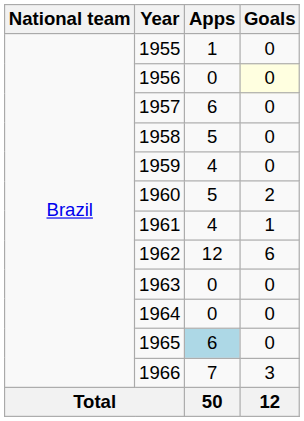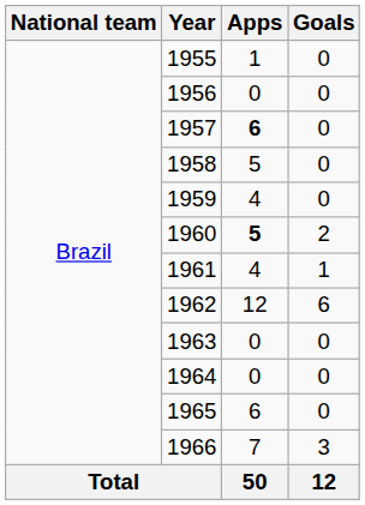 <table class="wikitable" style="text-align:center">
 <tr>
 <th>National team</th>
 <th>Year</th>
 <th>Apps</th>
 <th>Goals</th>
 </tr>
 <tr>
 <td rowspan="12"><a href='#'>Brazil</a></td>
 <td>1955</td>
 <td>1</td>
 <td>0</td>
 </tr>
 <tr>
 <td>1956</td>
 <td>0</td>
-<td style="background: lightyellow;">0</td>
+<td>0</td>
 </tr>
 <tr>
 <td>1957</td>
-<td>6</td>
+<td><strong>6</strong></td>
 <td>0</td>
 </tr>
 <tr>
 <td>1958</td>
 <td>5</td>
 <td>0</td>
 </tr>
 <tr>
 <td>1959</td>
 <td>4</td>
 <td>0</td>
 </tr>
 <tr>
 <td>1960</td>
-<td>5</td>
+<td><strong>5</strong></td>
 <td>2</td>
 </tr>
 <tr>
 <td>1961</td>
 <td>4</td>
 <td>1</td>
 </tr>
 <tr>
 <td>1962</td>
 <td>12</td>
 <td>6</td>
 </tr>
 <tr>
 <td>1963</td>
 <td>0</td>
 <td>0</td>
 </tr>
 <tr>
 <td>1964</td>
 <td>0</td>
 <td>0</td>
 </tr>
 <tr>
 <td>1965</td>
-<td style="background: lightblue;">6</td>
+<td>6</td>
 <td>0</td>
 </tr>
 <tr>
 <td>1966</td>
 <td>7</td>
 <td>3</td>
 </tr>
 <tr>
 <th colspan="2">Total</th>
 <th>50</th>
 <th>12</th>
 </tr>
 </table>
